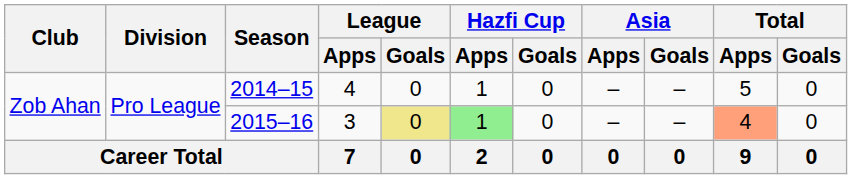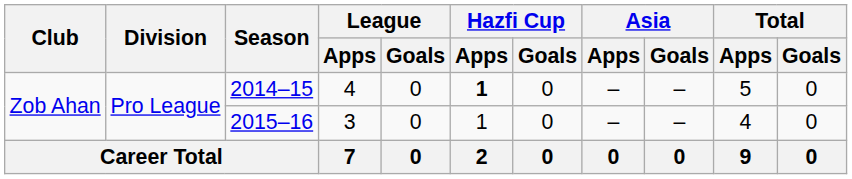 <table class="wikitable" style="text-align: center;">
 <tr>
 <th rowspan="2">Club</th>
 <th rowspan="2">Division</th>
 <th rowspan="2">Season</th>
 <th colspan="2">League</th>
 <th colspan="2"><a href='#'>Hazfi Cup</a></th>
 <th colspan="2"><a href='#'>Asia</a></th>
 <th colspan="2">Total</th>
 </tr>
 <tr>
 <th>Apps</th>
 <th>Goals</th>
 <th>Apps</th>
 <th>Goals</th>
 <th>Apps</th>
 <th>Goals</th>
 <th>Apps</th>
 <th>Goals</th>
 </tr>
 <tr>
 <td rowspan="2"><a href='#'>Zob Ahan</a></td>
 <td rowspan="2"><a href='#'>Pro League</a></td>
 <td><a href='#'>2014–15</a></td>
 <td>4</td>
 <td>0</td>
-<td>1</td>
+<td><strong>1</strong></td>
 <td>0</td>
 <td>–</td>
 <td>–</td>
 <td>5</td>
 <td>0</td>
 </tr>
 <tr>
 <td><a href='#'>2015–16</a></td>
 <td>3</td>
-<td style="background: khaki;">0</td>
-<td style="background: lightgreen;">1</td>
+<td>0</td>
+<td>1</td>
 <td>0</td>
 <td>–</td>
 <td>–</td>
-<td style="background: lightsalmon;">4</td>
+<td>4</td>
 <td>0</td>
 </tr>
 <tr>
 <th colspan=3>Career Total</th>
 <th>7</th>
 <th>0</th>
 <th>2</th>
 <th>0</th>
 <th>0</th>
 <th>0</th>
 <th>9</th>
 <th>0</th>
 </tr>
 </table>
